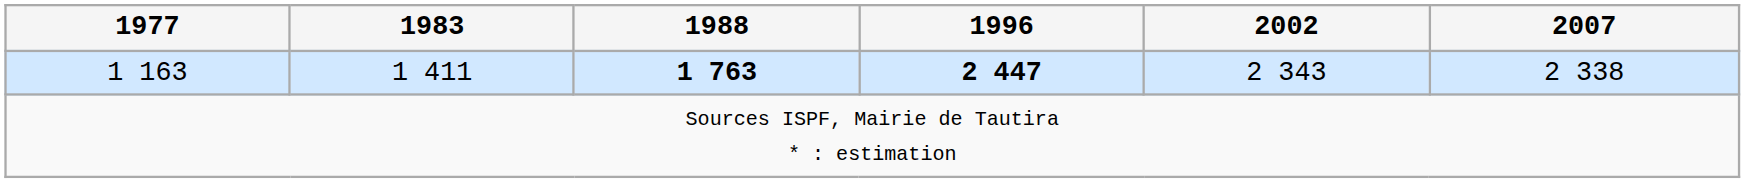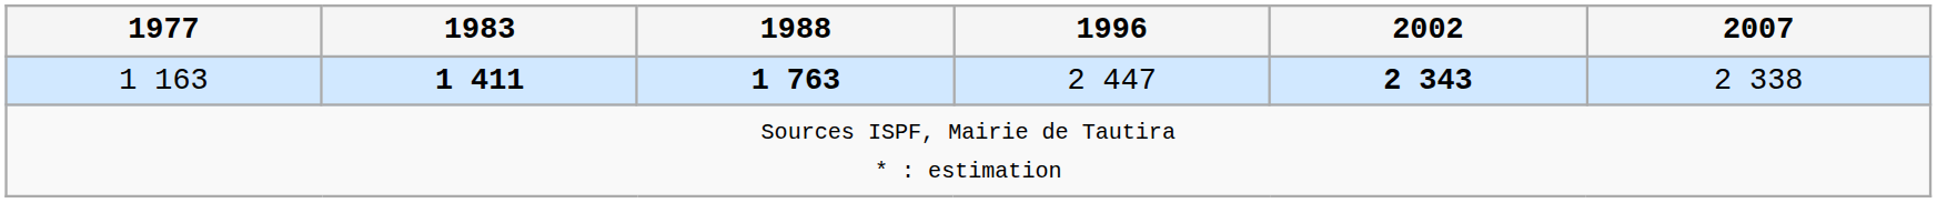 <table class="wikitable" style="margin:1em auto; font-size:90%;width:60%;border:0px;text-align:center;line-height:120%;">
 <tr>
 <th style="background: #F5F5F5; width:11% ; color:#000000;">1977</th>
 <th style="background: #F5F5F5; width:11% ; color:#000000;">1983</th>
 <th style="background: #F5F5F5; width:11% ; color:#000000;">1988</th>
 <th style="background: #F5F5F5; width:11% ; color:#000000;">1996</th>
 <th style="background: #F5F5F5; width:11% ; color:#000000;">2002</th>
 <th style="background: #F5F5F5; width:12% ; color:#000000;">2007</th>
 </tr>
 <tr>
 <td style="background: #D1E8FF; color:#000000;">1 163</td>
-<td style="background: #D1E8FF; color:#000000;">1 411</td>
+<td style="background: #D1E8FF; color:#000000;"><strong>1 411</strong></td>
 <td style="background: #D1E8FF; color:#000000;"><strong>1 763</strong></td>
-<td style="background: #D1E8FF; color:#000000;"><strong>2 447</strong></td>
-<td style="background: #D1E8FF; color:#000000;">2 343</td>
+<td style="background: #D1E8FF; color:#000000;">2 447</td>
+<td style="background: #D1E8FF; color:#000000;"><strong>2 343</strong></td>
 <td style="background: #D1E8FF; color:#000000;">2 338</td>
 </tr>
 <tr>
 <td colspan="9" style="text-align:center;font-size:90%;"><small>Sources ISPF, Mairie de Tautira<br>* : estimation</small></td>
 </tr>
 </table>
